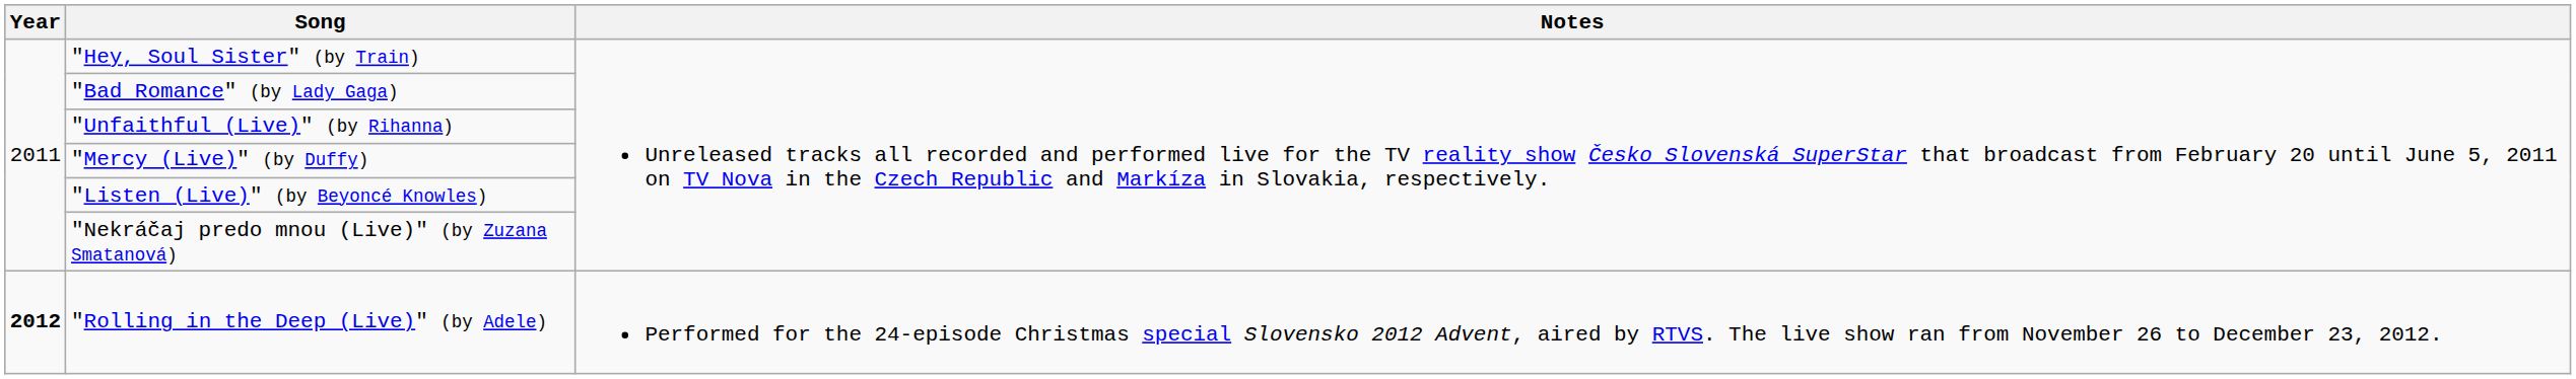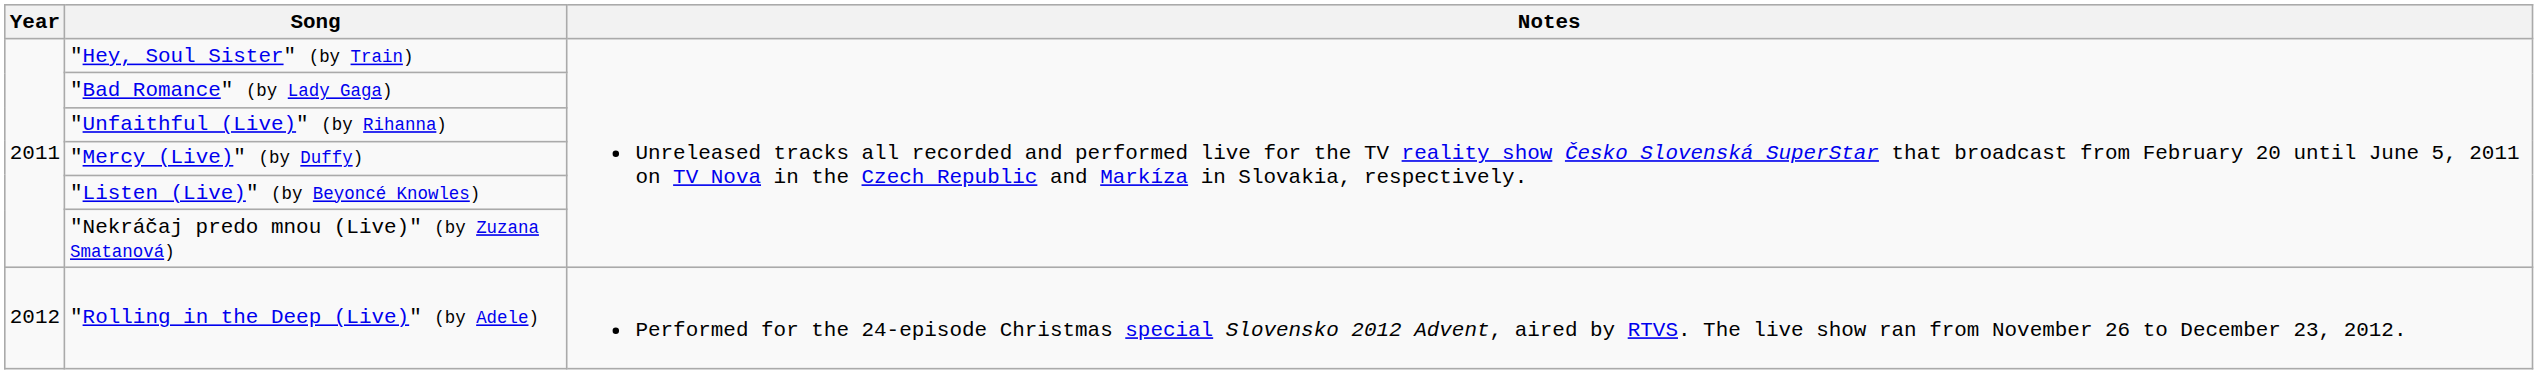 <table class=wikitable style=text-align:left>
 <tr>
 <th width=5>Year</th>
 <th width=305>Song</th>
 <th>Notes</th>
 </tr>
 <tr>
 <td rowspan=6 align=center>2011</td>
 <td>"<a href='#'>Hey, Soul Sister</a>" <small>(by <a href='#'>Train</a>)</small></td>
 <td rowspan=6><br><ul><li>Unreleased tracks all recorded and performed live for the TV <a href='#'>reality show</a> <em><a href='#'>Česko Slovenská SuperStar</a></em> that broadcast from February 20 until June 5, 2011 on <a href='#'>TV Nova</a> in the <a href='#'>Czech Republic</a> and <a href='#'>Markíza</a> in Slovakia, respectively.</li></ul></td>
 </tr>
 <tr>
 <td>"<a href='#'>Bad Romance</a>" <small>(by <a href='#'>Lady Gaga</a>)</small></td>
 </tr>
 <tr>
 <td>"<a href='#'>Unfaithful (Live)</a>" <small>(by <a href='#'>Rihanna</a>)</small></td>
 </tr>
 <tr>
 <td>"<a href='#'>Mercy (Live)</a>" <small>(by <a href='#'>Duffy</a>)</small></td>
 </tr>
 <tr>
 <td>"<a href='#'>Listen (Live)</a>" <small>(by <a href='#'>Beyoncé Knowles</a>)</small></td>
 </tr>
 <tr>
 <td>"Nekráčaj predo mnou (Live)" <small>(by <a href='#'>Zuzana Smatanová</a>)</small></td>
 </tr>
 <tr>
-<td><strong>2012</strong></td>
+<td>2012</td>
 <td>"<a href='#'>Rolling in the Deep (Live)</a>" <small>(by <a href='#'>Adele</a>)</small></td>
 <td><br><ul><li>Performed for the 24-episode Christmas <a href='#'>special</a> <em>Slovensko 2012 Advent</em>, aired by <a href='#'>RTVS</a>. The live show ran from November 26 to December 23, 2012.</li></ul></td>
 </tr>
 </table>
